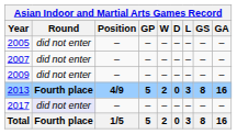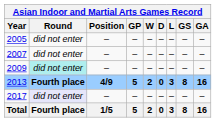 <table class="wikitable" style="text-align: center;font-size:90%;">
 <tr>
 <th colspan=9><a href='#'>Asian Indoor and Martial Arts Games Record</a></th>
 </tr>
 <tr>
 <th>Year</th>
 <th>Round</th>
 <th>Position</th>
 <th>GP</th>
 <th>W</th>
 <th>D</th>
 <th>L</th>
 <th>GS</th>
 <th>GA</th>
 </tr>
 <tr>
 <td> <a href='#'>2005</a></td>
 <td><em>did not enter</em></td>
 <td>–</td>
 <td>–</td>
 <td>–</td>
 <td>–</td>
 <td>–</td>
 <td>–</td>
 <td>–</td>
 </tr>
 <tr>
 <td> <a href='#'>2007</a></td>
 <td><em>did not enter</em></td>
 <td>–</td>
 <td>–</td>
 <td>–</td>
 <td>–</td>
 <td>–</td>
 <td>–</td>
 <td>–</td>
 </tr>
 <tr>
 <td> <a href='#'>2009</a></td>
-<td><em>did not enter</em></td>
+<td style="background: paleturquoise;"><em>did not enter</em></td>
 <td>–</td>
 <td>–</td>
 <td>–</td>
 <td>–</td>
 <td>–</td>
 <td>–</td>
 <td>–</td>
 </tr>
 <tr bgcolor=#9acdff>
 <td> <a href='#'>2013</a></td>
 <td><strong>Fourth place</strong></td>
 <td><strong>4/9</strong></td>
 <td><strong>5</strong></td>
 <td><strong>2</strong></td>
 <td><strong>0</strong></td>
 <td><strong>3</strong></td>
 <td><strong>8</strong></td>
 <td><strong>16</strong></td>
 </tr>
 <tr>
 <td> <a href='#'>2017</a></td>
 <td style="background: lavender;"><em>did not enter</em></td>
 <td>–</td>
 <td>–</td>
 <td>–</td>
 <td>–</td>
 <td>–</td>
 <td>–</td>
 <td>–</td>
 </tr>
 <tr>
 <th><strong>Total</strong></th>
 <th><strong>Fourth place</strong></th>
 <th><strong>1/5</strong></th>
 <th><strong>5</strong></th>
 <th><strong>2</strong></th>
 <th><strong>0</strong></th>
 <th><strong>3</strong></th>
 <th><strong>8</strong></th>
 <th><strong>16</strong></th>
 </tr>
 </table>
